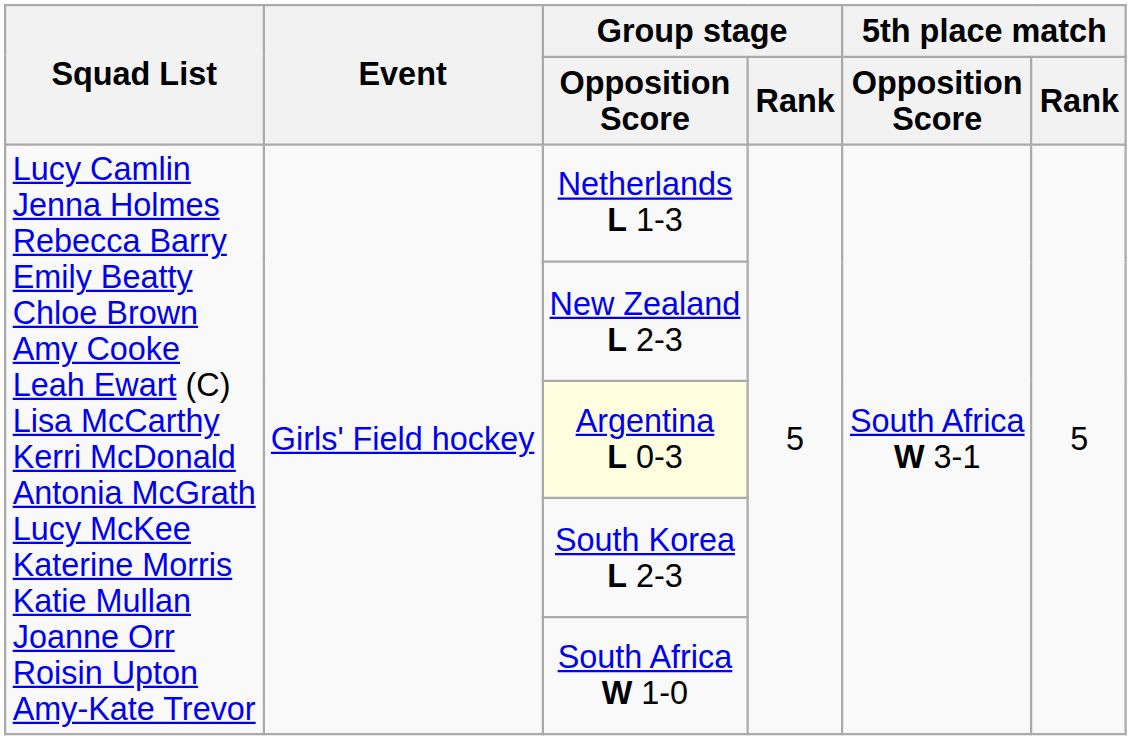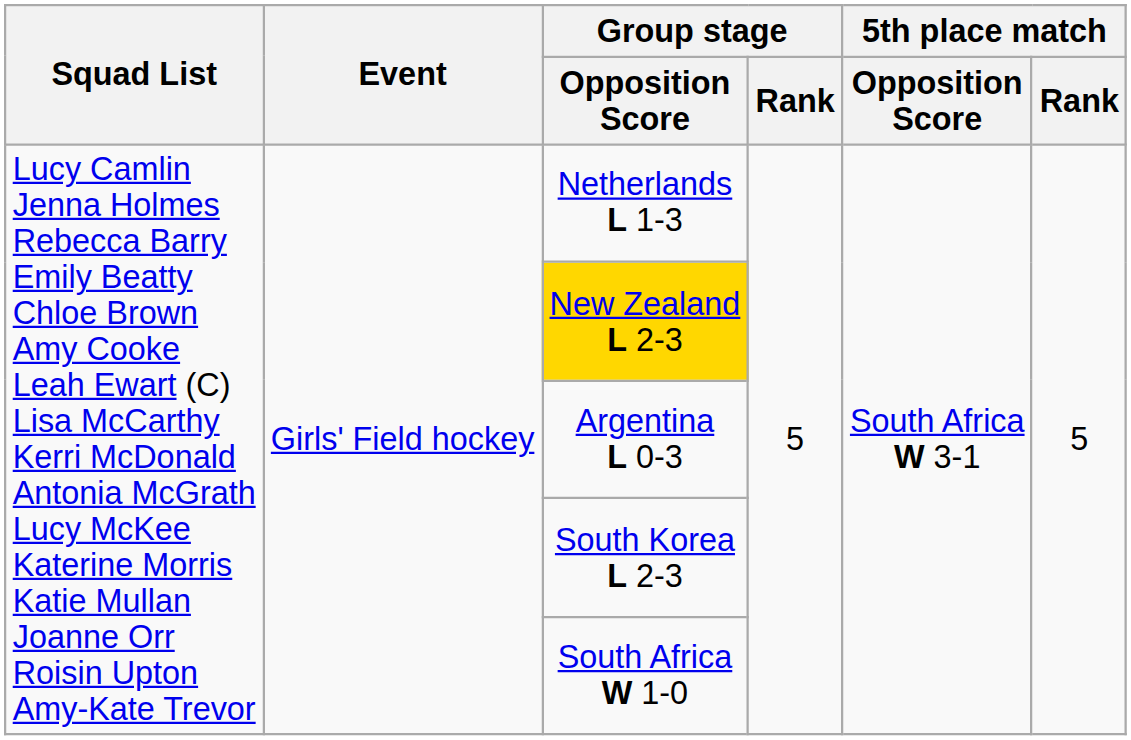 <table class=wikitable style="font-size:90%">
 <tr>
 <th rowspan=2>Squad List</th>
 <th rowspan=2>Event</th>
 <th colspan=2>Group stage</th>
 <th colspan=2>5th place match</th>
 </tr>
 <tr>
 <th>Opposition<br>Score</th>
 <th>Rank</th>
 <th>Opposition<br>Score</th>
 <th>Rank</th>
 </tr>
 <tr>
 <td rowspan=5><a href='#'>Lucy Camlin</a><br><a href='#'>Jenna Holmes</a><br><a href='#'>Rebecca Barry</a><br><a href='#'>Emily Beatty</a><br><a href='#'>Chloe Brown</a><br><a href='#'>Amy Cooke</a><br><a href='#'>Leah Ewart</a> (C)<br><a href='#'>Lisa McCarthy</a><br><a href='#'>Kerri McDonald</a><br><a href='#'>Antonia McGrath</a><br><a href='#'>Lucy McKee</a><br><a href='#'>Katerine Morris</a><br><a href='#'>Katie Mullan</a><br><a href='#'>Joanne Orr</a><br><a href='#'>Roisin Upton</a><br><a href='#'>Amy-Kate Trevor</a></td>
 <td rowspan=5><a href='#'>Girls' Field hockey</a></td>
 <td align=center> <a href='#'>Netherlands</a><br> <strong>L</strong> 1-3</td>
 <td rowspan=5 align=center>5</td>
 <td rowspan=5 align=center> <a href='#'>South Africa</a><br> <strong>W</strong> 3-1</td>
 <td rowspan=5 align=center>5</td>
 </tr>
 <tr>
-<td align=center> <a href='#'>New Zealand</a><br> <strong>L</strong> 2-3</td>
+<td align=center style="background: gold;"> <a href='#'>New Zealand</a><br> <strong>L</strong> 2-3</td>
 </tr>
 <tr>
-<td align=center style="background: lightyellow;"> <a href='#'>Argentina</a><br> <strong>L</strong> 0-3</td>
+<td align=center> <a href='#'>Argentina</a><br> <strong>L</strong> 0-3</td>
 </tr>
 <tr>
 <td align=center> <a href='#'>South Korea</a><br> <strong>L</strong> 2-3</td>
 </tr>
 <tr>
 <td align=center> <a href='#'>South Africa</a><br> <strong>W</strong> 1-0</td>
 </tr>
 </table>
